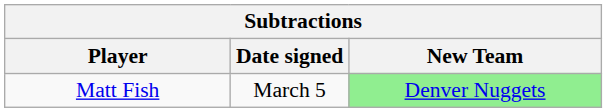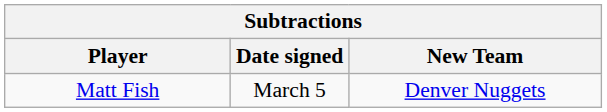 <table class="wikitable" style="text-align:center">
 <tr>
 <th colspan=3>Subtractions</th>
 </tr>
 <tr>
 <th style="width:160px">Player</th>
 <th style="width:80px">Date signed</th>
 <th style="width:180px">New Team</th>
 </tr>
 <tr>
 <td><a href='#'>Matt Fish</a></td>
 <td>March 5</td>
-<td style="background: lightgreen;"><a href='#'>Denver Nuggets</a></td>
+<td><a href='#'>Denver Nuggets</a></td>
 </tr>
 </table>
